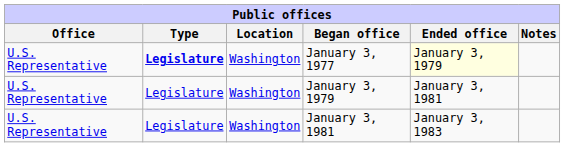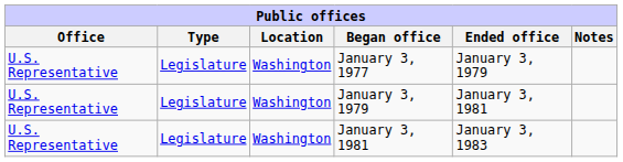 <table class="wikitable">
 <tr>
 <th colspan=7 style="background: #ccccff;">Public offices</th>
 </tr>
 <tr>
 <th><strong>Office</strong></th>
 <th><strong>Type</strong></th>
 <th><strong>Location</strong></th>
 <th><strong>Began office</strong></th>
 <th><strong>Ended office</strong></th>
 <th><strong>Notes</strong></th>
 </tr>
 <tr>
 <td><a href='#'>U.S. Representative</a></td>
-<td><strong><a href='#'>Legislature</a></strong></td>
+<td><a href='#'>Legislature</a></td>
 <td><a href='#'>Washington</a></td>
 <td>January 3, 1977</td>
-<td style="background: lightyellow;">January 3, 1979</td>
+<td>January 3, 1979</td>
 <td></td>
 </tr>
 <tr>
 <td><a href='#'>U.S. Representative</a></td>
 <td><a href='#'>Legislature</a></td>
 <td><a href='#'>Washington</a></td>
 <td>January 3, 1979</td>
 <td>January 3, 1981</td>
 <td></td>
 </tr>
 <tr>
 <td><a href='#'>U.S. Representative</a></td>
 <td><a href='#'>Legislature</a></td>
 <td><a href='#'>Washington</a></td>
 <td>January 3, 1981</td>
 <td>January 3, 1983</td>
 <td></td>
 </tr>
 </table>
